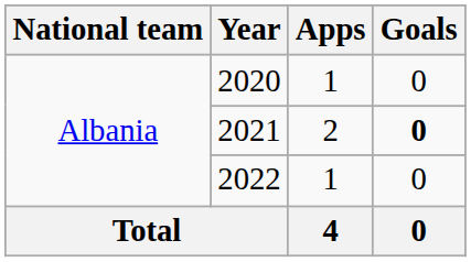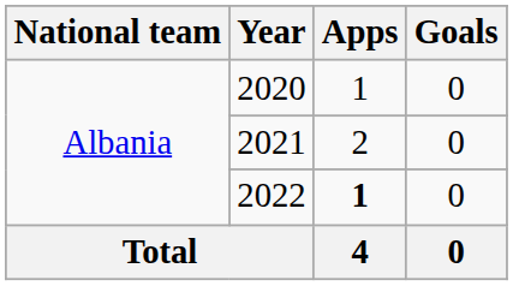 <table class="wikitable" style="text-align:center">
 <tr>
 <th>National team</th>
 <th>Year</th>
 <th>Apps</th>
 <th>Goals</th>
 </tr>
 <tr>
 <td rowspan="3"><a href='#'>Albania</a></td>
 <td>2020</td>
 <td>1</td>
 <td>0</td>
 </tr>
 <tr>
 <td>2021</td>
 <td>2</td>
-<td><strong>0</strong></td>
+<td>0</td>
 </tr>
 <tr>
 <td>2022</td>
-<td>1</td>
+<td><strong>1</strong></td>
 <td>0</td>
 </tr>
 <tr>
 <th colspan="2">Total</th>
 <th>4</th>
 <th>0</th>
 </tr>
 </table>
